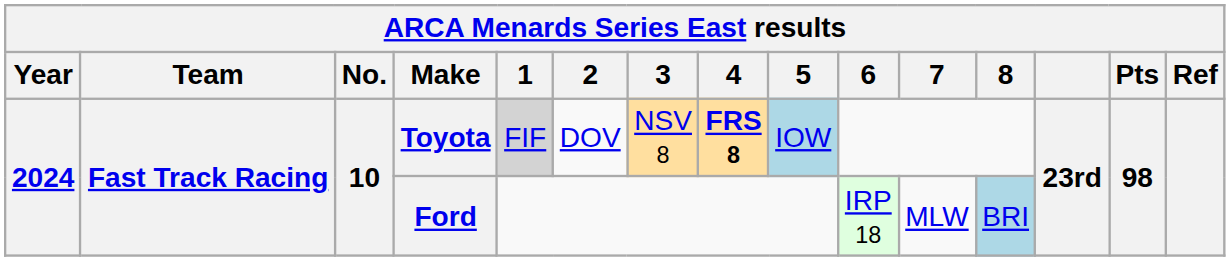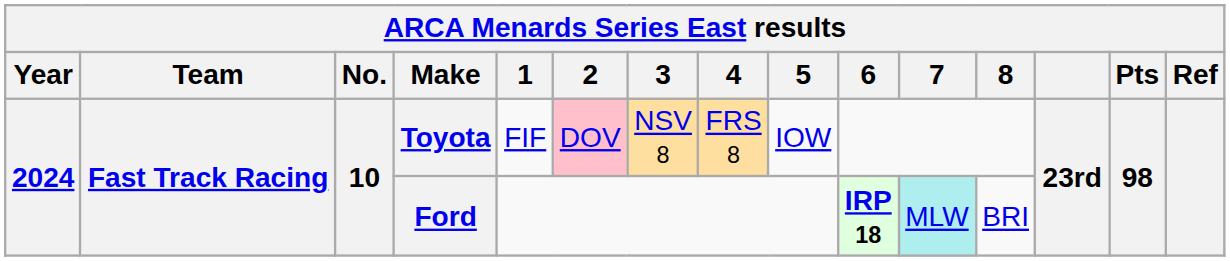 <table class="wikitable" style="text-align:center; font-size:75%">
 <tr>
 <th colspan=15><a href='#'>ARCA Menards Series East</a> results</th>
 </tr>
 <tr>
 <th>Year</th>
 <th>Team</th>
 <th>No.</th>
 <th>Make</th>
 <th>1</th>
 <th>2</th>
 <th>3</th>
 <th>4</th>
 <th>5</th>
 <th>6</th>
 <th>7</th>
 <th>8</th>
 <th></th>
 <th>Pts</th>
 <th>Ref</th>
 </tr>
 <tr>
 <th rowspan=2><a href='#'>2024</a></th>
 <th rowspan=2><a href='#'>Fast Track Racing</a></th>
 <th rowspan=2>10</th>
 <th><a href='#'>Toyota</a></th>
-<td style="background: lightgrey;"><a href='#'>FIF</a></td>
-<td><a href='#'>DOV</a></td>
+<td><a href='#'>FIF</a></td>
+<td style="background: pink;"><a href='#'>DOV</a></td>
 <td style="background:#FFDF9F;"><a href='#'>NSV</a><br><small>8</small></td>
-<td style="background:#FFDF9F;"><strong><a href='#'>FRS</a><br><small>8</small></strong></td>
-<td style="background: lightblue;"><a href='#'>IOW</a></td>
+<td style="background:#FFDF9F;"><a href='#'>FRS</a><br><small>8</small></td>
+<td><a href='#'>IOW</a></td>
 <td colspan=3></td>
 <th rowspan=2>23rd</th>
 <th rowspan=2>98</th>
 <th rowspan=2></th>
 </tr>
 <tr>
 <th><a href='#'>Ford</a></th>
 <td colspan=5></td>
-<td style="background:#DFFFDF;"><a href='#'>IRP</a><br><small>18</small></td>
-<td><a href='#'>MLW</a></td>
-<td style="background: lightblue;"><a href='#'>BRI</a></td>
+<td style="background:#DFFFDF;"><strong><a href='#'>IRP</a><br><small>18</small></strong></td>
+<td style="background: paleturquoise;"><a href='#'>MLW</a></td>
+<td><a href='#'>BRI</a></td>
 </tr>
 </table>
